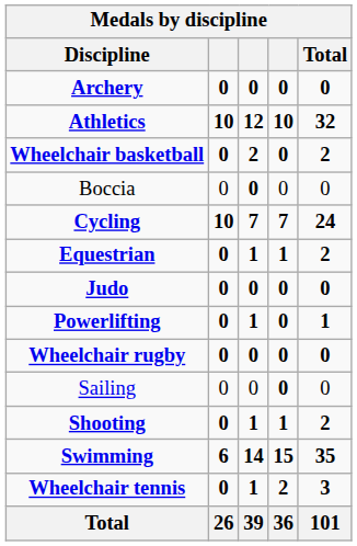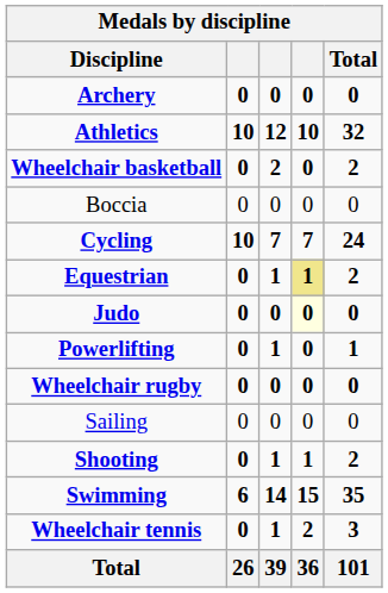 <table class="wikitable" style="font-size:85%" align="right">
 <tr bgcolor="#efefef">
 <th colspan=6>Medals by discipline</th>
 </tr>
 <tr style="text-align:center;">
 <th>Discipline</th>
 <th></th>
 <th></th>
 <th></th>
 <th>Total</th>
 </tr>
 <tr style="text-align:center; font-weight:bold;">
 <td><a href='#'>Archery</a></td>
 <td>0</td>
 <td>0</td>
 <td>0</td>
 <td>0</td>
 </tr>
 <tr style="text-align:center; font-weight:bold;">
 <td><a href='#'>Athletics</a></td>
 <td>10</td>
 <td>12</td>
 <td>10</td>
 <td>32</td>
 </tr>
 <tr style="text-align:center; font-weight:bold;">
 <td><a href='#'>Wheelchair basketball</a></td>
 <td>0</td>
 <td>2</td>
 <td>0</td>
 <td>2</td>
 </tr>
 <tr style="text-align:center; ">
 <td>Boccia</td>
 <td>0</td>
-<td><strong>0</strong></td>
+<td>0</td>
 <td>0</td>
 <td>0</td>
 </tr>
 <tr style="text-align:center; font-weight:bold;">
 <td><a href='#'>Cycling</a></td>
 <td>10</td>
 <td>7</td>
 <td>7</td>
 <td>24</td>
 </tr>
 <tr style="text-align:center; font-weight:bold;">
 <td><a href='#'>Equestrian</a></td>
 <td>0</td>
 <td>1</td>
-<td>1</td>
+<td style="background: khaki;">1</td>
 <td>2</td>
 </tr>
 <tr style="text-align:center; font-weight:bold;">
 <td><a href='#'>Judo</a></td>
 <td>0</td>
 <td>0</td>
-<td>0</td>
+<td style="background: lightyellow;">0</td>
 <td>0</td>
 </tr>
 <tr style="text-align:center; font-weight:bold;">
 <td><a href='#'>Powerlifting</a></td>
 <td>0</td>
 <td>1</td>
 <td>0</td>
 <td>1</td>
 </tr>
 <tr style="text-align:center; font-weight:bold;">
 <td><a href='#'>Wheelchair rugby</a></td>
 <td>0</td>
 <td>0</td>
 <td>0</td>
 <td>0</td>
 </tr>
 <tr style="text-align:center;">
 <td><a href='#'>Sailing</a></td>
 <td>0</td>
 <td>0</td>
-<td><strong>0</strong></td>
+<td>0</td>
 <td>0</td>
 </tr>
 <tr style="text-align:center; font-weight:bold;">
 <td><a href='#'>Shooting</a></td>
 <td>0</td>
 <td>1</td>
 <td>1</td>
 <td>2</td>
 </tr>
 <tr style="text-align:center; font-weight:bold;">
 <td><a href='#'>Swimming</a></td>
 <td>6</td>
 <td>14</td>
 <td>15</td>
 <td>35</td>
 </tr>
 <tr style="text-align:center; font-weight:bold;">
 <td><a href='#'>Wheelchair tennis</a></td>
 <td>0</td>
 <td>1</td>
 <td>2</td>
 <td>3</td>
 </tr>
 <tr style="text-align:center;">
 <th>Total</th>
 <th>26</th>
 <th>39</th>
 <th>36</th>
 <th>101</th>
 </tr>
 </table>
